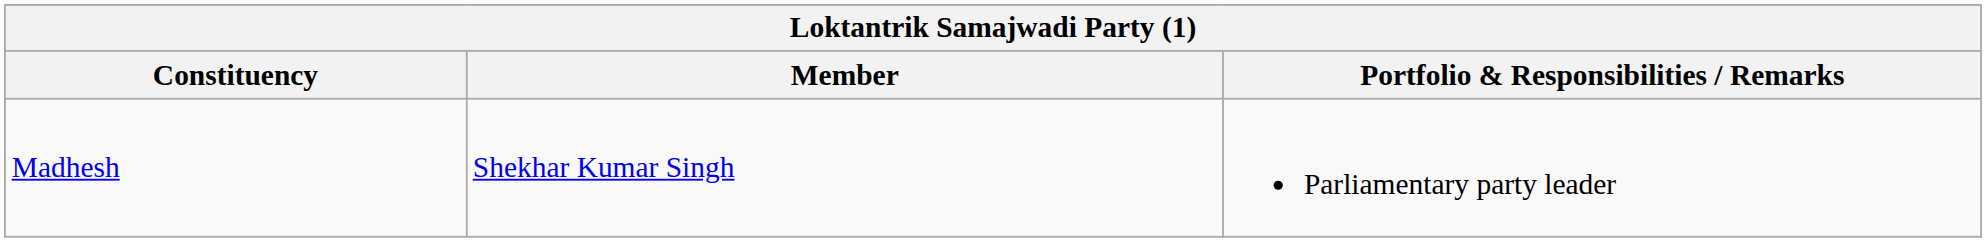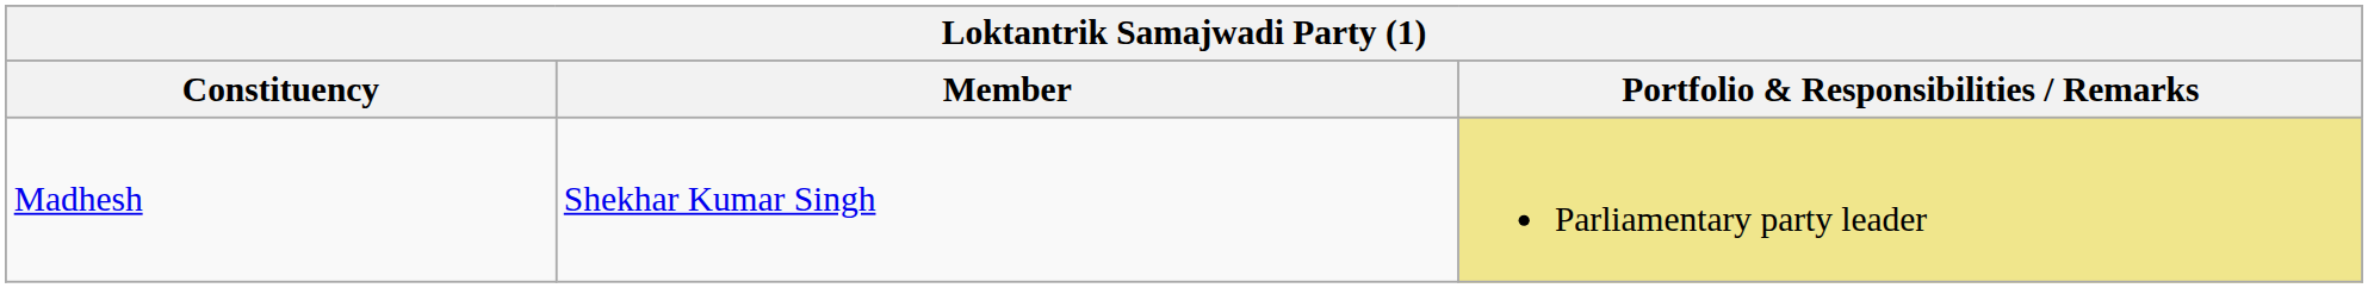 <table class="wikitable sortable mw-collapsible">
 <tr>
 <th colspan="3" style="width: 800pt; background:">Loktantrik Samajwadi Party (1)</th>
 </tr>
 <tr>
 <th style="width:150pt; background:">Constituency</th>
 <th style="width:250pt; background:">Member</th>
 <th style="width:250pt; background:">Portfolio & Responsibilities / Remarks</th>
 </tr>
 <tr>
 <td><a href='#'>Madhesh</a></td>
 <td><a href='#'>Shekhar Kumar Singh</a></td>
-<td><br><ul><li>Parliamentary party leader</li></ul></td>
+<td style="background: khaki;"><br><ul><li>Parliamentary party leader</li></ul></td>
 </tr>
 </table>
